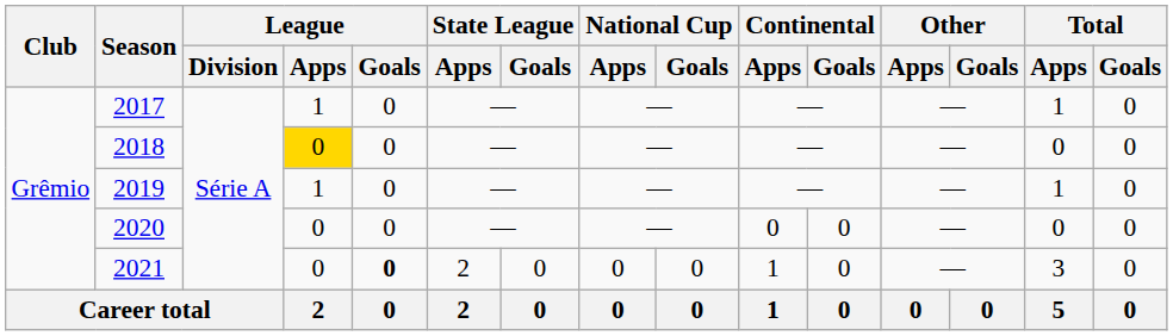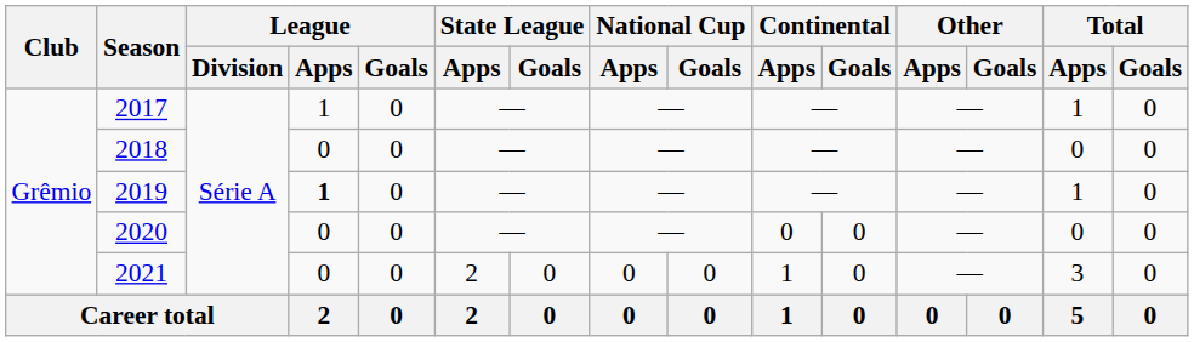 <table class="wikitable" style="text-align: center">
 <tr>
 <th rowspan=2>Club</th>
 <th rowspan=2>Season</th>
 <th colspan=3>League</th>
 <th colspan=2>State League</th>
 <th colspan=2>National Cup</th>
 <th colspan=2>Continental</th>
 <th colspan=2>Other</th>
 <th colspan=2>Total</th>
 </tr>
 <tr>
 <th>Division</th>
 <th>Apps</th>
 <th>Goals</th>
 <th>Apps</th>
 <th>Goals</th>
 <th>Apps</th>
 <th>Goals</th>
 <th>Apps</th>
 <th>Goals</th>
 <th>Apps</th>
 <th>Goals</th>
 <th>Apps</th>
 <th>Goals</th>
 </tr>
 <tr>
 <td rowspan=5><a href='#'>Grêmio</a></td>
 <td><a href='#'>2017</a></td>
 <td rowspan=5><a href='#'>Série A</a></td>
 <td>1</td>
 <td>0</td>
 <td colspan=2>—</td>
 <td colspan=2>—</td>
 <td colspan=2>—</td>
 <td colspan=2>—</td>
 <td>1</td>
 <td>0</td>
 </tr>
 <tr>
 <td><a href='#'>2018</a></td>
-<td style="background: gold;">0</td>
+<td>0</td>
 <td>0</td>
 <td colspan=2>—</td>
 <td colspan=2>—</td>
 <td colspan=2>—</td>
 <td colspan=2>—</td>
 <td>0</td>
 <td>0</td>
 </tr>
 <tr>
 <td><a href='#'>2019</a></td>
-<td>1</td>
+<td><strong>1</strong></td>
 <td>0</td>
 <td colspan=2>—</td>
 <td colspan=2>—</td>
 <td colspan=2>—</td>
 <td colspan=2>—</td>
 <td>1</td>
 <td>0</td>
 </tr>
 <tr>
 <td><a href='#'>2020</a></td>
 <td>0</td>
 <td>0</td>
 <td colspan=2>—</td>
 <td colspan=2>—</td>
 <td>0</td>
 <td>0</td>
 <td colspan=2>—</td>
 <td>0</td>
 <td>0</td>
 </tr>
 <tr>
 <td><a href='#'>2021</a></td>
 <td>0</td>
-<td><strong>0</strong></td>
+<td>0</td>
 <td>2</td>
 <td>0</td>
 <td>0</td>
 <td>0</td>
 <td>1</td>
 <td>0</td>
 <td colspan=2>—</td>
 <td>3</td>
 <td>0</td>
 </tr>
 <tr>
 <th colspan=3><strong>Career total</strong></th>
 <th>2</th>
 <th>0</th>
 <th>2</th>
 <th>0</th>
 <th>0</th>
 <th>0</th>
 <th>1</th>
 <th>0</th>
 <th>0</th>
 <th>0</th>
 <th>5</th>
 <th>0</th>
 </tr>
 </table>
